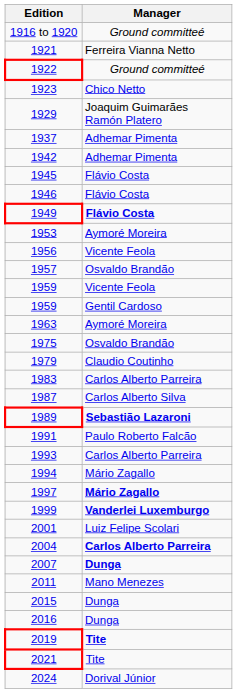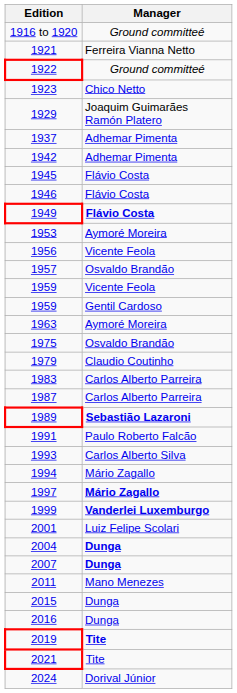 <table class="wikitable">
 <tr>
 <th width=100>Edition</th>
 <th width=200>Manager</th>
 </tr>
 <tr>
 <td align=center><a href='#'>1916</a> to <a href='#'>1920</a></td>
 <td align=center><em>Ground committeé</em></td>
 </tr>
 <tr>
 <td align=center> <a href='#'>1921</a></td>
 <td>Ferreira Vianna Netto</td>
 </tr>
 <tr>
 <td align=center style="border: 3px solid red"> <a href='#'>1922</a></td>
 <td align=center><em>Ground committeé</em></td>
 </tr>
 <tr>
 <td align=center> <a href='#'>1923</a></td>
 <td><a href='#'>Chico Netto</a></td>
 </tr>
 <tr>
 <td align=center> <a href='#'>1929</a></td>
 <td>Joaquim Guimarães <br>  <a href='#'>Ramón Platero</a></td>
 </tr>
 <tr>
 <td align=center> <a href='#'>1937</a></td>
 <td><a href='#'>Adhemar Pimenta</a></td>
 </tr>
 <tr>
 <td align=center> <a href='#'>1942</a></td>
 <td><a href='#'>Adhemar Pimenta</a></td>
 </tr>
 <tr>
 <td align=center> <a href='#'>1945</a></td>
 <td><a href='#'>Flávio Costa</a></td>
 </tr>
 <tr>
 <td align=center> <a href='#'>1946</a></td>
 <td><a href='#'>Flávio Costa</a></td>
 </tr>
 <tr>
 <td align=center style="border: 3px solid red"> <a href='#'>1949</a></td>
 <td><strong><a href='#'>Flávio Costa</a></strong></td>
 </tr>
 <tr>
 <td align=center> <a href='#'>1953</a></td>
 <td><a href='#'>Aymoré Moreira</a></td>
 </tr>
 <tr>
 <td align=center> <a href='#'>1956</a></td>
 <td><a href='#'>Vicente Feola</a></td>
 </tr>
 <tr>
 <td align=center> <a href='#'>1957</a></td>
 <td><a href='#'>Osvaldo Brandão</a></td>
 </tr>
 <tr>
 <td align=center> <a href='#'>1959</a></td>
 <td><a href='#'>Vicente Feola</a></td>
 </tr>
 <tr>
 <td align=center> <a href='#'>1959</a></td>
 <td><a href='#'>Gentil Cardoso</a></td>
 </tr>
 <tr>
 <td align=center> <a href='#'>1963</a></td>
 <td><a href='#'>Aymoré Moreira</a></td>
 </tr>
 <tr>
 <td align=center><a href='#'>1975</a></td>
 <td><a href='#'>Osvaldo Brandão</a></td>
 </tr>
 <tr>
 <td align=center><a href='#'>1979</a></td>
 <td><a href='#'>Claudio Coutinho</a></td>
 </tr>
 <tr>
 <td align=center><a href='#'>1983</a></td>
 <td><a href='#'>Carlos Alberto Parreira</a></td>
 </tr>
 <tr>
 <td align=center> <a href='#'>1987</a></td>
-<td><a href='#'>Carlos Alberto Silva</a></td>
+<td><a href='#'>Carlos Alberto Parreira</a></td>
 </tr>
 <tr>
 <td align=center style="border: 3px solid red"> <a href='#'>1989</a></td>
 <td><strong><a href='#'>Sebastião Lazaroni</a></strong></td>
 </tr>
 <tr>
 <td align=center> <a href='#'>1991</a></td>
 <td><a href='#'>Paulo Roberto Falcão</a></td>
 </tr>
 <tr>
 <td align=center> <a href='#'>1993</a></td>
-<td><a href='#'>Carlos Alberto Parreira</a></td>
+<td><a href='#'>Carlos Alberto Silva</a></td>
 </tr>
 <tr>
 <td align=center> <a href='#'>1994</a></td>
 <td><a href='#'>Mário Zagallo</a></td>
 </tr>
 <tr>
 <td align=center> <a href='#'>1997</a></td>
 <td><strong><a href='#'>Mário Zagallo</a></strong></td>
 </tr>
 <tr>
 <td align=center> <a href='#'>1999</a></td>
 <td><strong><a href='#'>Vanderlei Luxemburgo</a></strong></td>
 </tr>
 <tr>
 <td align=center> <a href='#'>2001</a></td>
 <td><a href='#'>Luiz Felipe Scolari</a></td>
 </tr>
 <tr>
 <td align=center> <a href='#'>2004</a></td>
-<td><strong><a href='#'>Carlos Alberto Parreira</a></strong></td>
+<td><strong><a href='#'>Dunga</a></strong></td>
 </tr>
 <tr>
 <td align=center> <a href='#'>2007</a></td>
 <td><strong><a href='#'>Dunga</a></strong></td>
 </tr>
 <tr>
 <td align=center> <a href='#'>2011</a></td>
 <td><a href='#'>Mano Menezes</a></td>
 </tr>
 <tr>
 <td align=center> <a href='#'>2015</a></td>
 <td><a href='#'>Dunga</a></td>
 </tr>
 <tr>
 <td align=center> <a href='#'>2016</a></td>
 <td><a href='#'>Dunga</a></td>
 </tr>
 <tr>
 <td align=center style="border: 3px solid red"> <a href='#'>2019</a></td>
 <td><strong><a href='#'>Tite</a></strong></td>
 </tr>
 <tr>
 <td align=center style="border: 3px solid red"> <a href='#'>2021</a></td>
 <td><a href='#'>Tite</a></td>
 </tr>
 <tr>
 <td align=center> <a href='#'>2024</a></td>
 <td><a href='#'>Dorival Júnior</a></td>
 </tr>
 </table>
